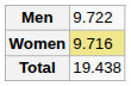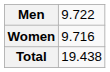 <table class="wikitable">
 <tr>
 <th>Men</th>
 <td>9.722</td>
 </tr>
 <tr>
 <th>Women</th>
-<td style="background: khaki;">9.716</td>
+<td>9.716</td>
 </tr>
 <tr>
 <th>Total</th>
 <td>19.438</td>
 </tr>
 </table>
